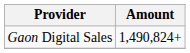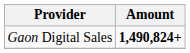 <table class="wikitable" style="text-align:center;"|>
 <tr>
 <th>Provider</th>
 <th>Amount</th>
 </tr>
 <tr>
 <td><em>Gaon</em> Digital Sales</td>
-<td>1,490,824+</td>
+<td><strong>1,490,824+</strong></td>
 </tr>
 <tr>
 </tr>
 </table>
